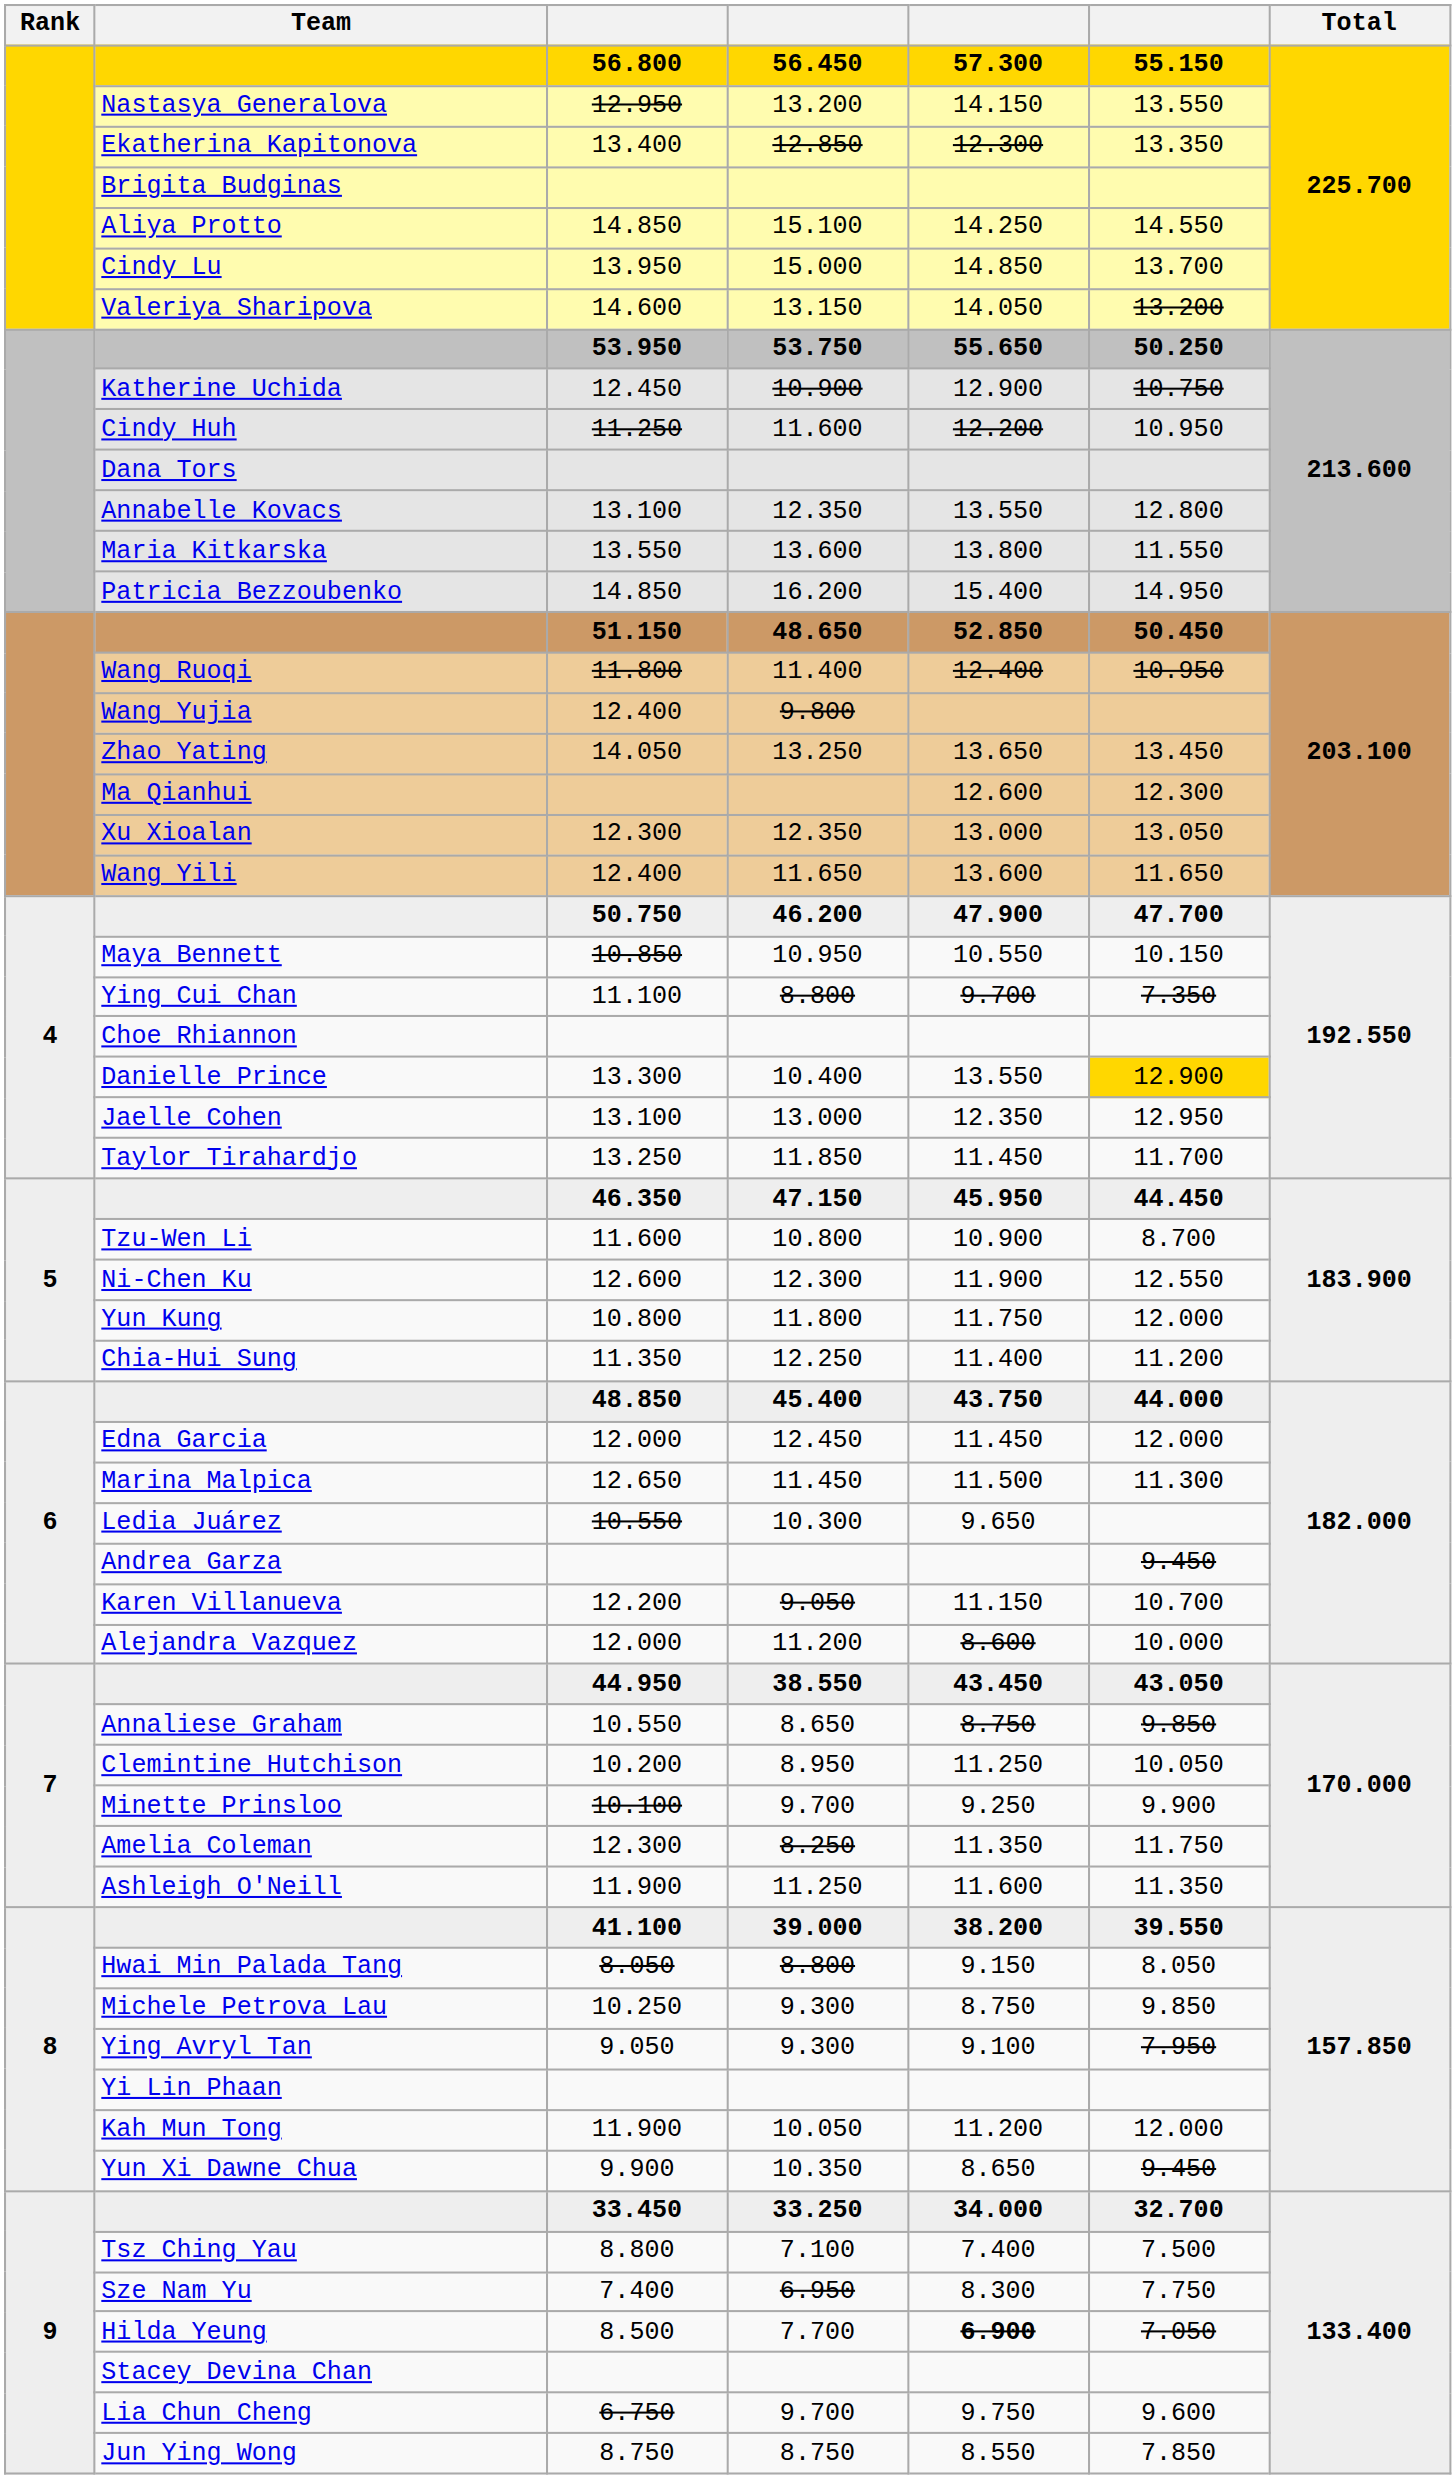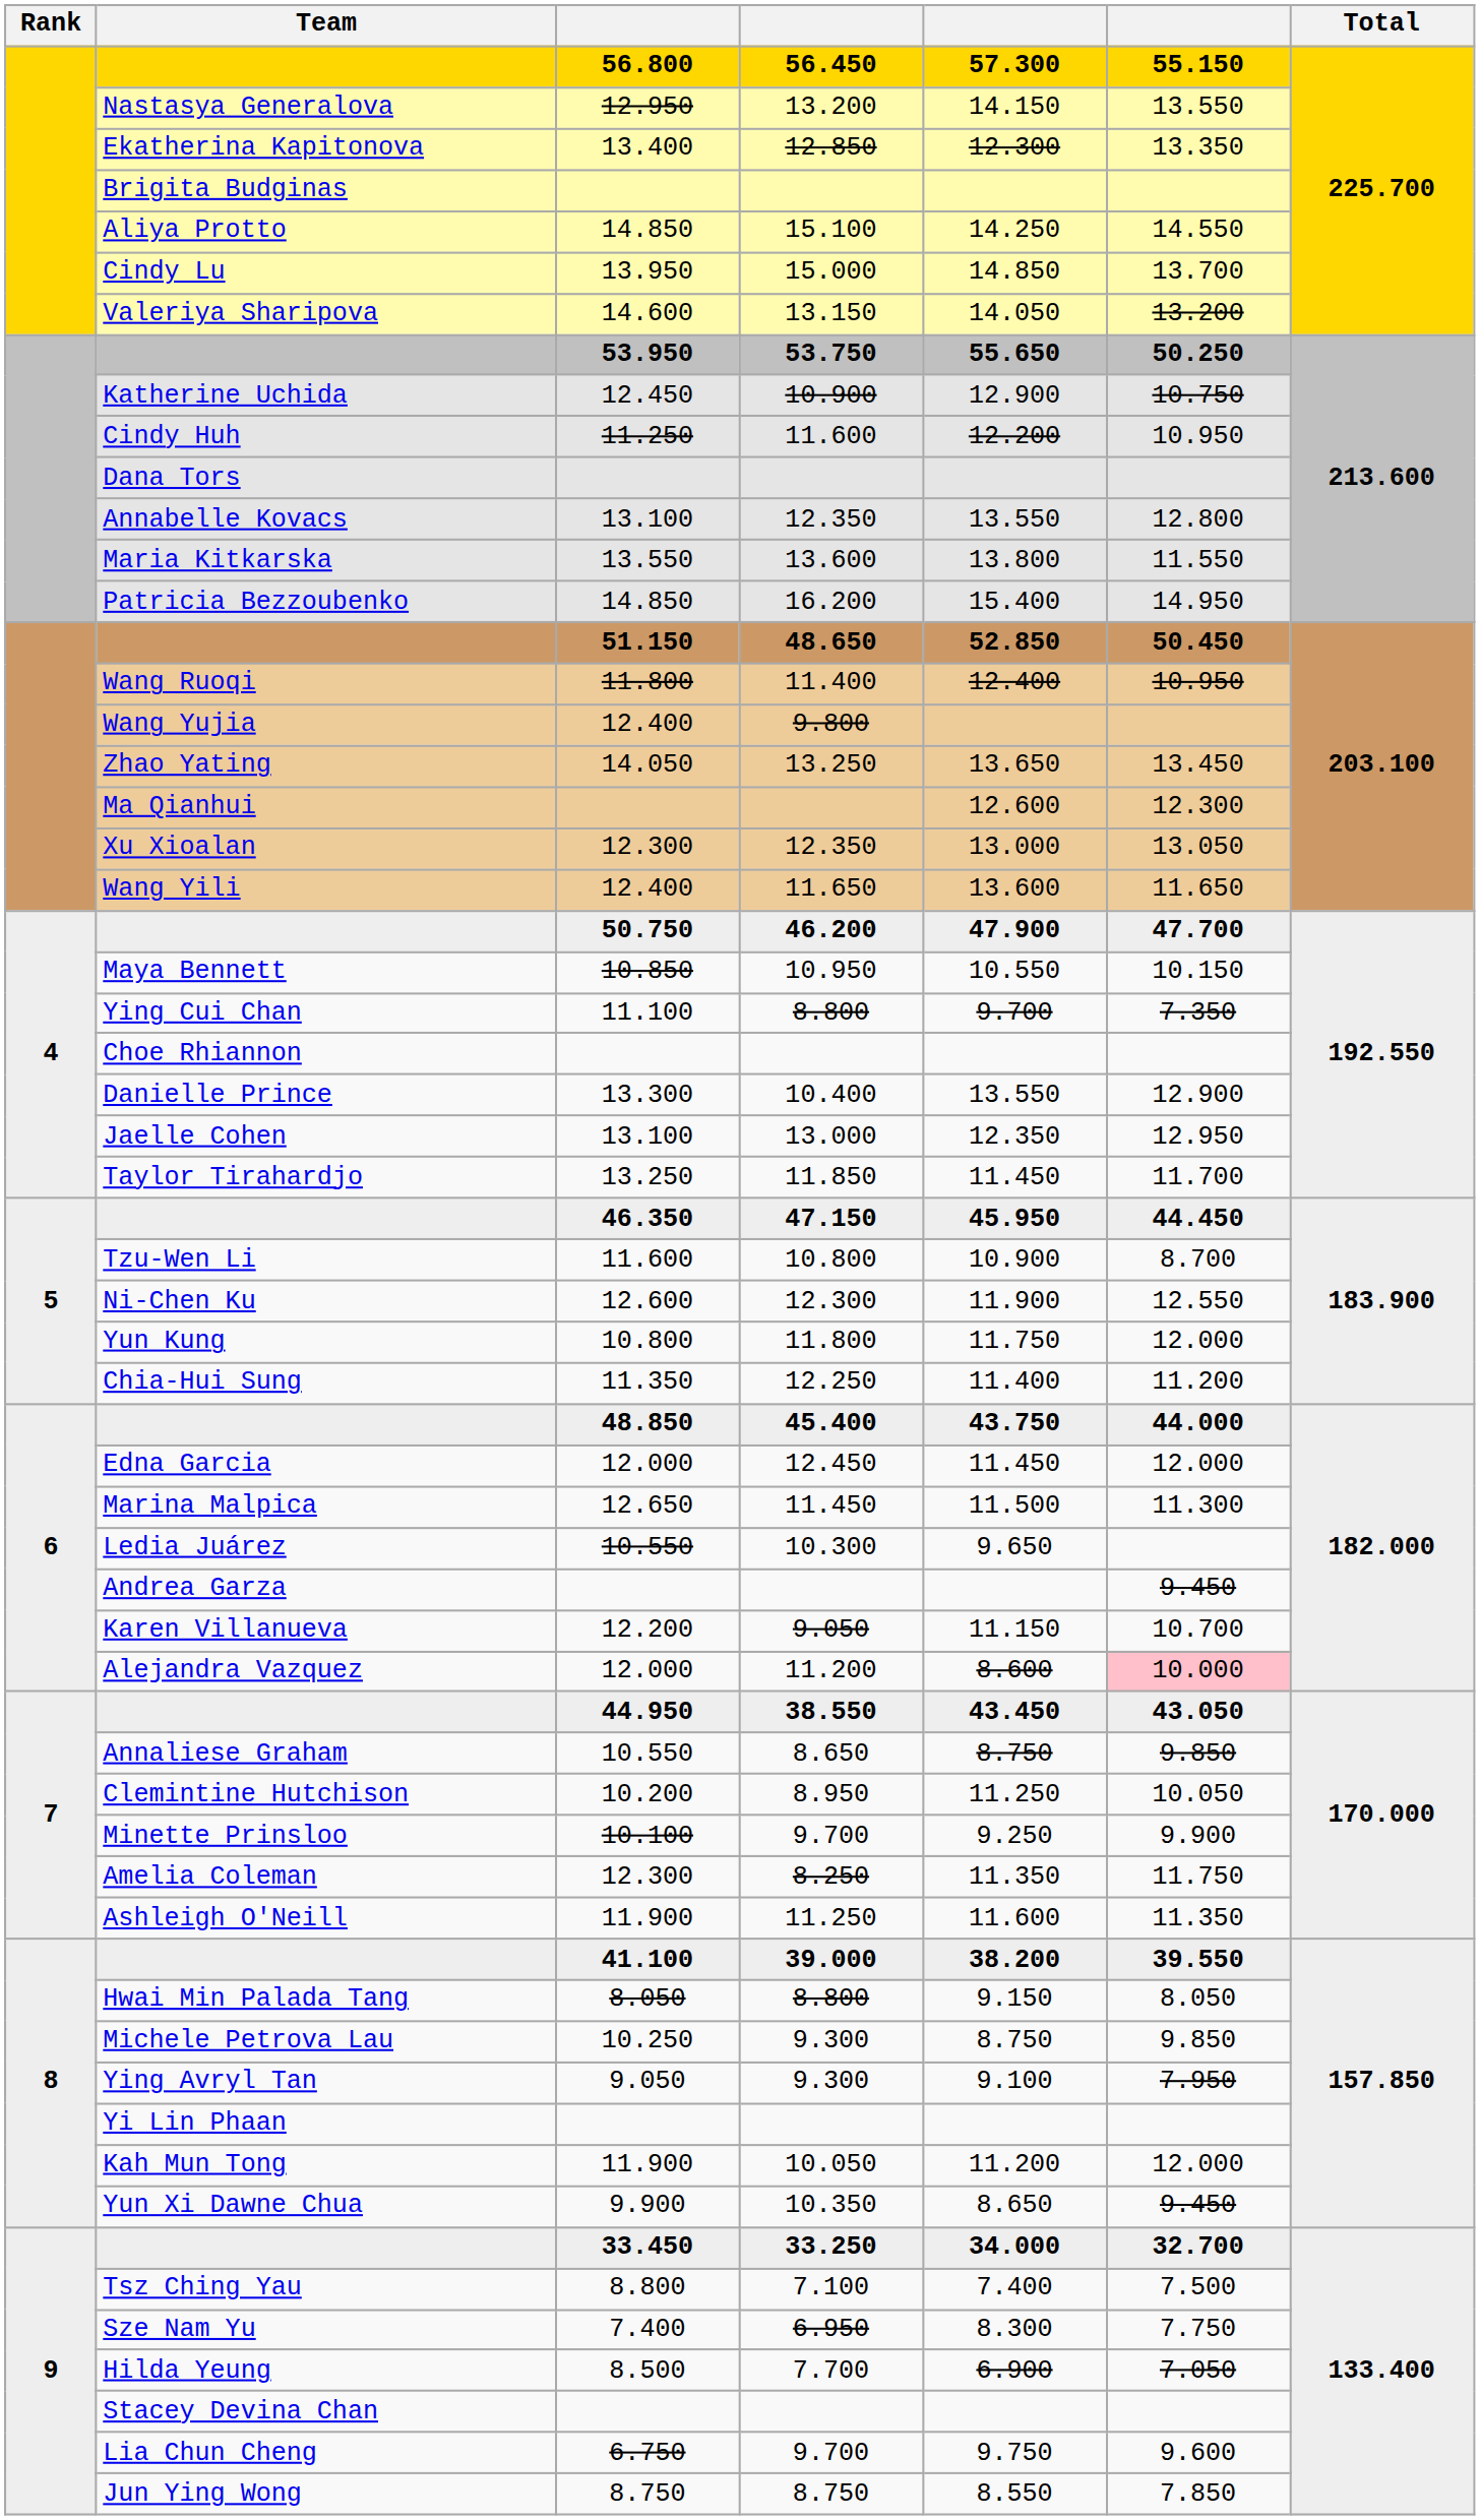 <table class="wikitable" style="text-align:center; font-size:95%">
 <tr>
 <th width="5%">Rank</th>
 <th width="25%">Team</th>
 <th width="10%"></th>
 <th width="10%"></th>
 <th width="10%"></th>
 <th width="10%"></th>
 <th width="10%">Total</th>
 </tr>
 <tr bgcolor=gold>
 <td rowspan=7></td>
 <td align="left"></td>
 <td><strong>56.800</strong></td>
 <td><strong>56.450</strong></td>
 <td><strong>57.300</strong></td>
 <td><strong>55.150</strong></td>
 <td rowspan=7><strong>225.700</strong></td>
 </tr>
 <tr bgcolor=fffcaf>
 <td align="left"><a href='#'>Nastasya Generalova</a></td>
 <td><s>12.950</s></td>
 <td>13.200</td>
 <td>14.150</td>
 <td>13.550</td>
 </tr>
 <tr bgcolor=fffcaf>
 <td align="left"><a href='#'>Ekatherina Kapitonova</a></td>
 <td>13.400</td>
 <td><s>12.850</s></td>
 <td><s>12.300</s></td>
 <td>13.350</td>
 </tr>
 <tr bgcolor=fffcaf>
 <td align="left"><a href='#'>Brigita Budginas</a></td>
 <td></td>
 <td></td>
 <td></td>
 <td></td>
 </tr>
 <tr bgcolor=fffcaf>
 <td align="left"><a href='#'>Aliya Protto</a></td>
 <td>14.850</td>
 <td>15.100</td>
 <td>14.250</td>
 <td>14.550</td>
 </tr>
 <tr bgcolor=fffcaf>
 <td align="left"><a href='#'>Cindy Lu</a></td>
 <td>13.950</td>
 <td>15.000</td>
 <td>14.850</td>
 <td>13.700</td>
 </tr>
 <tr bgcolor=fffcaf>
 <td align="left"><a href='#'>Valeriya Sharipova</a></td>
 <td>14.600</td>
 <td>13.150</td>
 <td>14.050</td>
 <td><s>13.200</s></td>
 </tr>
 <tr bgcolor=silver>
 <td rowspan=7></td>
 <td align="left"></td>
 <td><strong>53.950</strong></td>
 <td><strong>53.750</strong></td>
 <td><strong>55.650</strong></td>
 <td><strong>50.250</strong></td>
 <td rowspan=7><strong>213.600</strong></td>
 </tr>
 <tr bgcolor=e5e5e5>
 <td align="left"><a href='#'>Katherine Uchida</a></td>
 <td>12.450</td>
 <td><s>10.900</s></td>
 <td>12.900</td>
 <td><s>10.750</s></td>
 </tr>
 <tr bgcolor=e5e5e5>
 <td align="left"><a href='#'>Cindy Huh</a></td>
 <td><s>11.250</s></td>
 <td>11.600</td>
 <td><s>12.200</s></td>
 <td>10.950</td>
 </tr>
 <tr bgcolor=e5e5e5>
 <td align="left"><a href='#'>Dana Tors</a></td>
 <td></td>
 <td></td>
 <td></td>
 <td></td>
 </tr>
 <tr bgcolor=e5e5e5>
 <td align="left"><a href='#'>Annabelle Kovacs</a></td>
 <td>13.100</td>
 <td>12.350</td>
 <td>13.550</td>
 <td>12.800</td>
 </tr>
 <tr bgcolor=e5e5e5>
 <td align="left"><a href='#'>Maria Kitkarska</a></td>
 <td>13.550</td>
 <td>13.600</td>
 <td>13.800</td>
 <td>11.550</td>
 </tr>
 <tr bgcolor=e5e5e5>
 <td align="left"><a href='#'>Patricia Bezzoubenko</a></td>
 <td>14.850</td>
 <td>16.200</td>
 <td>15.400</td>
 <td>14.950</td>
 </tr>
 <tr bgcolor=cc9966>
 <td rowspan=7></td>
 <td align="left"></td>
 <td><strong>51.150</strong></td>
 <td><strong>48.650</strong></td>
 <td><strong>52.850</strong></td>
 <td><strong>50.450</strong></td>
 <td rowspan=7><strong>203.100</strong></td>
 </tr>
 <tr bgcolor=eecc99>
 <td align="left"><a href='#'>Wang Ruoqi</a></td>
 <td><s>11.800</s></td>
 <td>11.400</td>
 <td><s>12.400</s></td>
 <td><s>10.950</s></td>
 </tr>
 <tr bgcolor=eecc99>
 <td align="left"><a href='#'>Wang Yujia</a></td>
 <td>12.400</td>
 <td><s>9.800</s></td>
 <td></td>
 <td></td>
 </tr>
 <tr bgcolor=eecc99>
 <td align="left"><a href='#'>Zhao Yating</a></td>
 <td>14.050</td>
 <td>13.250</td>
 <td>13.650</td>
 <td>13.450</td>
 </tr>
 <tr bgcolor=eecc99>
 <td align="left"><a href='#'>Ma Qianhui</a></td>
 <td></td>
 <td></td>
 <td>12.600</td>
 <td>12.300</td>
 </tr>
 <tr bgcolor=eecc99>
 <td align="left"><a href='#'>Xu Xioalan</a></td>
 <td>12.300</td>
 <td>12.350</td>
 <td>13.000</td>
 <td>13.050</td>
 </tr>
 <tr bgcolor=eecc99>
 <td align="left"><a href='#'>Wang Yili</a></td>
 <td>12.400</td>
 <td>11.650</td>
 <td>13.600</td>
 <td>11.650</td>
 </tr>
 <tr bgcolor=eeeeee>
 <td rowspan=7><strong>4</strong></td>
 <td align="left"></td>
 <td><strong>50.750</strong></td>
 <td><strong>46.200</strong></td>
 <td><strong>47.900</strong></td>
 <td><strong>47.700</strong></td>
 <td rowspan=7><strong>192.550</strong></td>
 </tr>
 <tr>
 <td align="left"><a href='#'>Maya Bennett</a></td>
 <td><s>10.850</s></td>
 <td>10.950</td>
 <td>10.550</td>
 <td>10.150</td>
 </tr>
 <tr>
 <td align="left"><a href='#'>Ying Cui Chan</a></td>
 <td>11.100</td>
 <td><s>8.800</s></td>
 <td><s>9.700</s></td>
 <td><s>7.350</s></td>
 </tr>
 <tr>
 <td align="left"><a href='#'>Choe Rhiannon</a></td>
 <td></td>
 <td></td>
 <td></td>
 <td></td>
 </tr>
 <tr>
 <td align="left"><a href='#'>Danielle Prince</a></td>
 <td>13.300</td>
 <td>10.400</td>
 <td>13.550</td>
-<td style="background: gold;">12.900</td>
+<td>12.900</td>
 </tr>
 <tr>
 <td align="left"><a href='#'>Jaelle Cohen</a></td>
 <td>13.100</td>
 <td>13.000</td>
 <td>12.350</td>
 <td>12.950</td>
 </tr>
 <tr>
 <td align="left"><a href='#'>Taylor Tirahardjo</a></td>
 <td>13.250</td>
 <td>11.850</td>
 <td>11.450</td>
 <td>11.700</td>
 </tr>
 <tr bgcolor=eeeeee>
 <td rowspan=5><strong>5</strong></td>
 <td align="left"></td>
 <td><strong>46.350</strong></td>
 <td><strong>47.150</strong></td>
 <td><strong>45.950</strong></td>
 <td><strong>44.450</strong></td>
 <td rowspan=5><strong>183.900</strong></td>
 </tr>
 <tr>
 <td align="left"><a href='#'>Tzu-Wen Li</a></td>
 <td>11.600</td>
 <td>10.800</td>
 <td>10.900</td>
 <td>8.700</td>
 </tr>
 <tr>
 <td align="left"><a href='#'>Ni-Chen Ku</a></td>
 <td>12.600</td>
 <td>12.300</td>
 <td>11.900</td>
 <td>12.550</td>
 </tr>
 <tr>
 <td align="left"><a href='#'>Yun Kung</a></td>
 <td>10.800</td>
 <td>11.800</td>
 <td>11.750</td>
 <td>12.000</td>
 </tr>
 <tr>
 <td align="left"><a href='#'>Chia-Hui Sung</a></td>
 <td>11.350</td>
 <td>12.250</td>
 <td>11.400</td>
 <td>11.200</td>
 </tr>
 <tr bgcolor=eeeeee>
 <td rowspan=7><strong>6</strong></td>
 <td align="left"></td>
 <td><strong>48.850</strong></td>
 <td><strong>45.400</strong></td>
 <td><strong>43.750</strong></td>
 <td><strong>44.000</strong></td>
 <td rowspan=7><strong>182.000</strong></td>
 </tr>
 <tr>
 <td align="left"><a href='#'>Edna Garcia</a></td>
 <td>12.000</td>
 <td>12.450</td>
 <td>11.450</td>
 <td>12.000</td>
 </tr>
 <tr>
 <td align="left"><a href='#'>Marina Malpica</a></td>
 <td>12.650</td>
 <td>11.450</td>
 <td>11.500</td>
 <td>11.300</td>
 </tr>
 <tr>
 <td align="left"><a href='#'>Ledia Juárez</a></td>
 <td><s>10.550</s></td>
 <td>10.300</td>
 <td>9.650</td>
 <td></td>
 </tr>
 <tr>
 <td align="left"><a href='#'>Andrea Garza</a></td>
 <td></td>
 <td></td>
 <td></td>
 <td><s>9.450</s></td>
 </tr>
 <tr>
 <td align="left"><a href='#'>Karen Villanueva</a></td>
 <td>12.200</td>
 <td><s>9.050</s></td>
 <td>11.150</td>
 <td>10.700</td>
 </tr>
 <tr>
 <td align="left"><a href='#'>Alejandra Vazquez</a></td>
 <td>12.000</td>
 <td>11.200</td>
 <td><s>8.600</s></td>
-<td>10.000</td>
+<td style="background: pink;">10.000</td>
 </tr>
 <tr bgcolor=eeeeee>
 <td rowspan=6><strong>7</strong></td>
 <td align="left"></td>
 <td><strong>44.950</strong></td>
 <td><strong>38.550</strong></td>
 <td><strong>43.450</strong></td>
 <td><strong>43.050</strong></td>
 <td rowspan=6><strong>170.000</strong></td>
 </tr>
 <tr>
 <td align="left"><a href='#'>Annaliese Graham</a></td>
 <td>10.550</td>
 <td>8.650</td>
 <td><s>8.750</s></td>
 <td><s>9.850</s></td>
 </tr>
 <tr>
 <td align="left"><a href='#'>Clemintine Hutchison</a></td>
 <td>10.200</td>
 <td>8.950</td>
 <td>11.250</td>
 <td>10.050</td>
 </tr>
 <tr>
 <td align="left"><a href='#'>Minette Prinsloo</a></td>
 <td><s>10.100</s></td>
 <td>9.700</td>
 <td>9.250</td>
 <td>9.900</td>
 </tr>
 <tr>
 <td align="left"><a href='#'>Amelia Coleman</a></td>
 <td>12.300</td>
 <td><s>8.250</s></td>
 <td>11.350</td>
 <td>11.750</td>
 </tr>
 <tr>
 <td align="left"><a href='#'>Ashleigh O'Neill</a></td>
 <td>11.900</td>
 <td>11.250</td>
 <td>11.600</td>
 <td>11.350</td>
 </tr>
 <tr bgcolor=eeeeee>
 <td rowspan=7><strong>8</strong></td>
 <td align="left"></td>
 <td><strong>41.100</strong></td>
 <td><strong>39.000</strong></td>
 <td><strong>38.200</strong></td>
 <td><strong>39.550</strong></td>
 <td rowspan=7><strong>157.850</strong></td>
 </tr>
 <tr>
 <td align="left"><a href='#'>Hwai Min Palada Tang</a></td>
 <td><s>8.050</s></td>
 <td><s>8.800</s></td>
 <td>9.150</td>
 <td>8.050</td>
 </tr>
 <tr>
 <td align="left"><a href='#'>Michele Petrova Lau</a></td>
 <td>10.250</td>
 <td>9.300</td>
 <td>8.750</td>
 <td>9.850</td>
 </tr>
 <tr>
 <td align="left"><a href='#'>Ying Avryl Tan</a></td>
 <td>9.050</td>
 <td>9.300</td>
 <td>9.100</td>
 <td><s>7.950</s></td>
 </tr>
 <tr>
 <td align="left"><a href='#'>Yi Lin Phaan</a></td>
 <td></td>
 <td></td>
 <td></td>
 <td></td>
 </tr>
 <tr>
 <td align="left"><a href='#'>Kah Mun Tong</a></td>
 <td>11.900</td>
 <td>10.050</td>
 <td>11.200</td>
 <td>12.000</td>
 </tr>
 <tr>
 <td align="left"><a href='#'>Yun Xi Dawne Chua</a></td>
 <td>9.900</td>
 <td>10.350</td>
 <td>8.650</td>
 <td><s>9.450</s></td>
 </tr>
 <tr bgcolor=eeeeee>
 <td rowspan=7><strong>9</strong></td>
 <td align="left"></td>
 <td><strong>33.450</strong></td>
 <td><strong>33.250</strong></td>
 <td><strong>34.000</strong></td>
 <td><strong>32.700</strong></td>
 <td rowspan=7><strong>133.400</strong></td>
 </tr>
 <tr>
 <td align="left"><a href='#'>Tsz Ching Yau</a></td>
 <td>8.800</td>
 <td>7.100</td>
 <td>7.400</td>
 <td>7.500</td>
 </tr>
 <tr>
 <td align="left"><a href='#'>Sze Nam Yu</a></td>
 <td>7.400</td>
 <td><s>6.950</s></td>
 <td>8.300</td>
 <td>7.750</td>
 </tr>
 <tr>
 <td align="left"><a href='#'>Hilda Yeung</a></td>
 <td>8.500</td>
 <td>7.700</td>
-<td><strong><s>6.900</s></strong></td>
+<td><s>6.900</s></td>
 <td><s>7.050</s></td>
 </tr>
 <tr>
 <td align="left"><a href='#'>Stacey Devina Chan</a></td>
 <td></td>
 <td></td>
 <td></td>
 <td></td>
 </tr>
 <tr>
 <td align="left"><a href='#'>Lia Chun Cheng</a></td>
 <td><s>6.750</s></td>
 <td>9.700</td>
 <td>9.750</td>
 <td>9.600</td>
 </tr>
 <tr>
 <td align="left"><a href='#'>Jun Ying Wong</a></td>
 <td>8.750</td>
 <td>8.750</td>
 <td>8.550</td>
 <td>7.850</td>
 </tr>
 </table>
